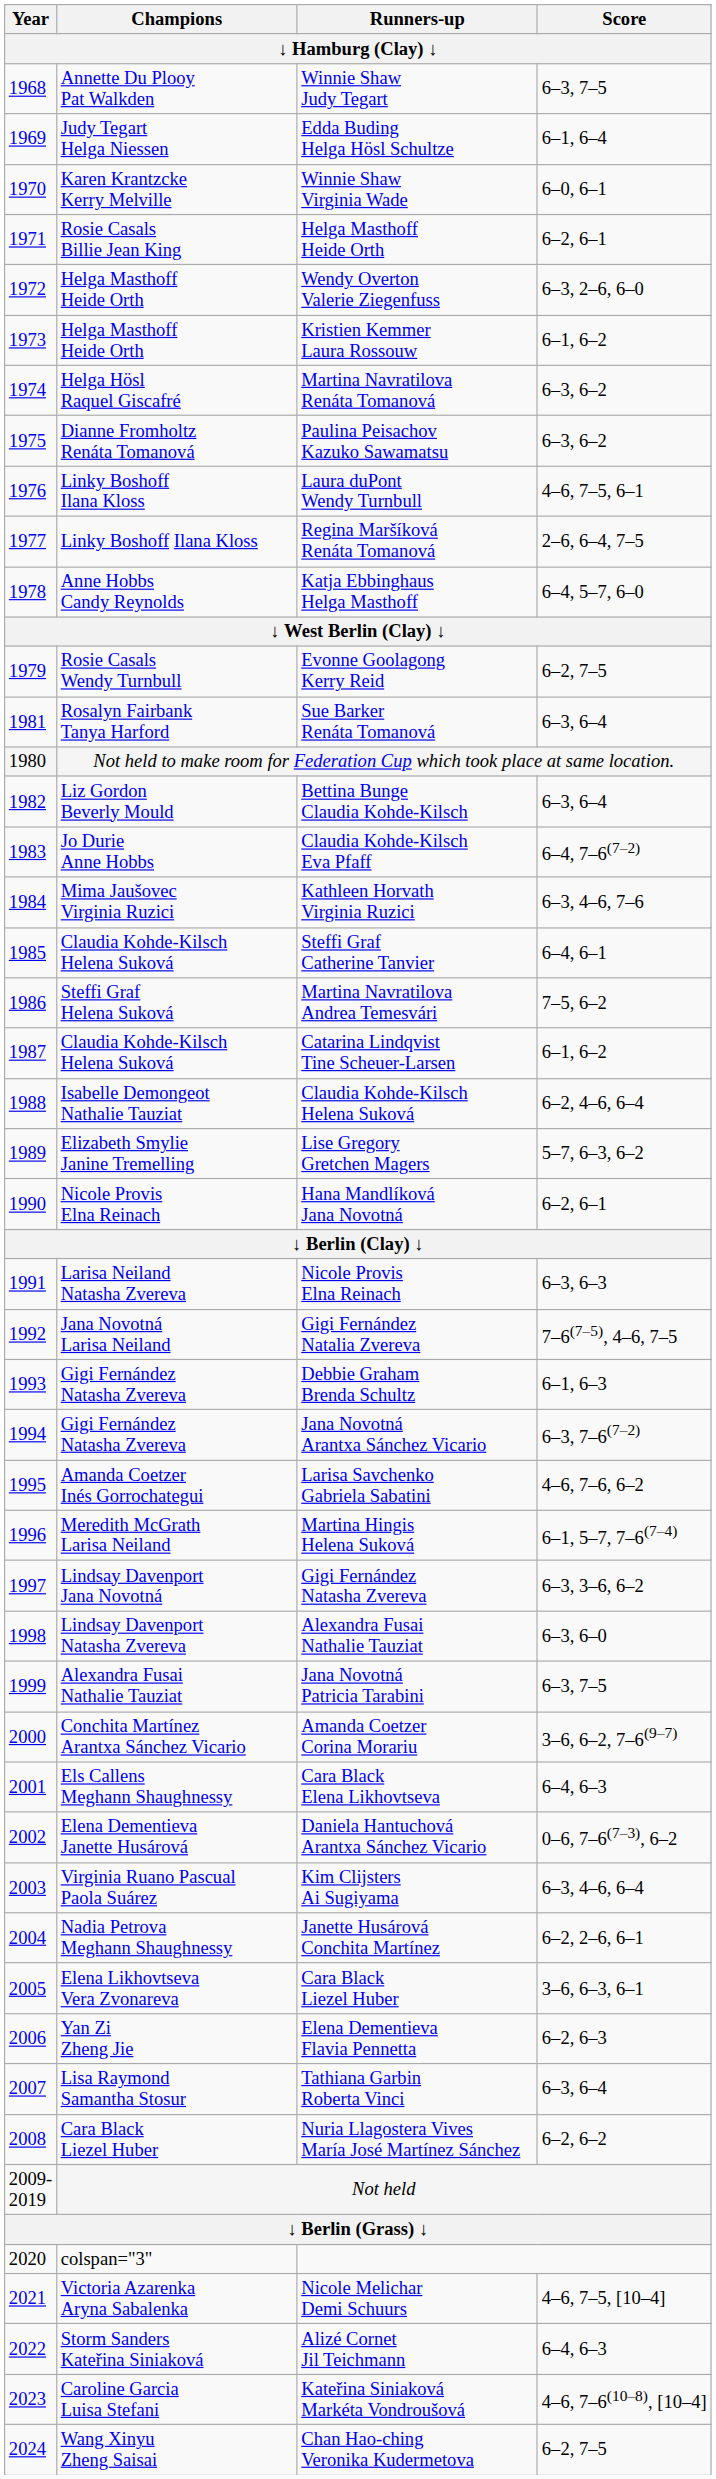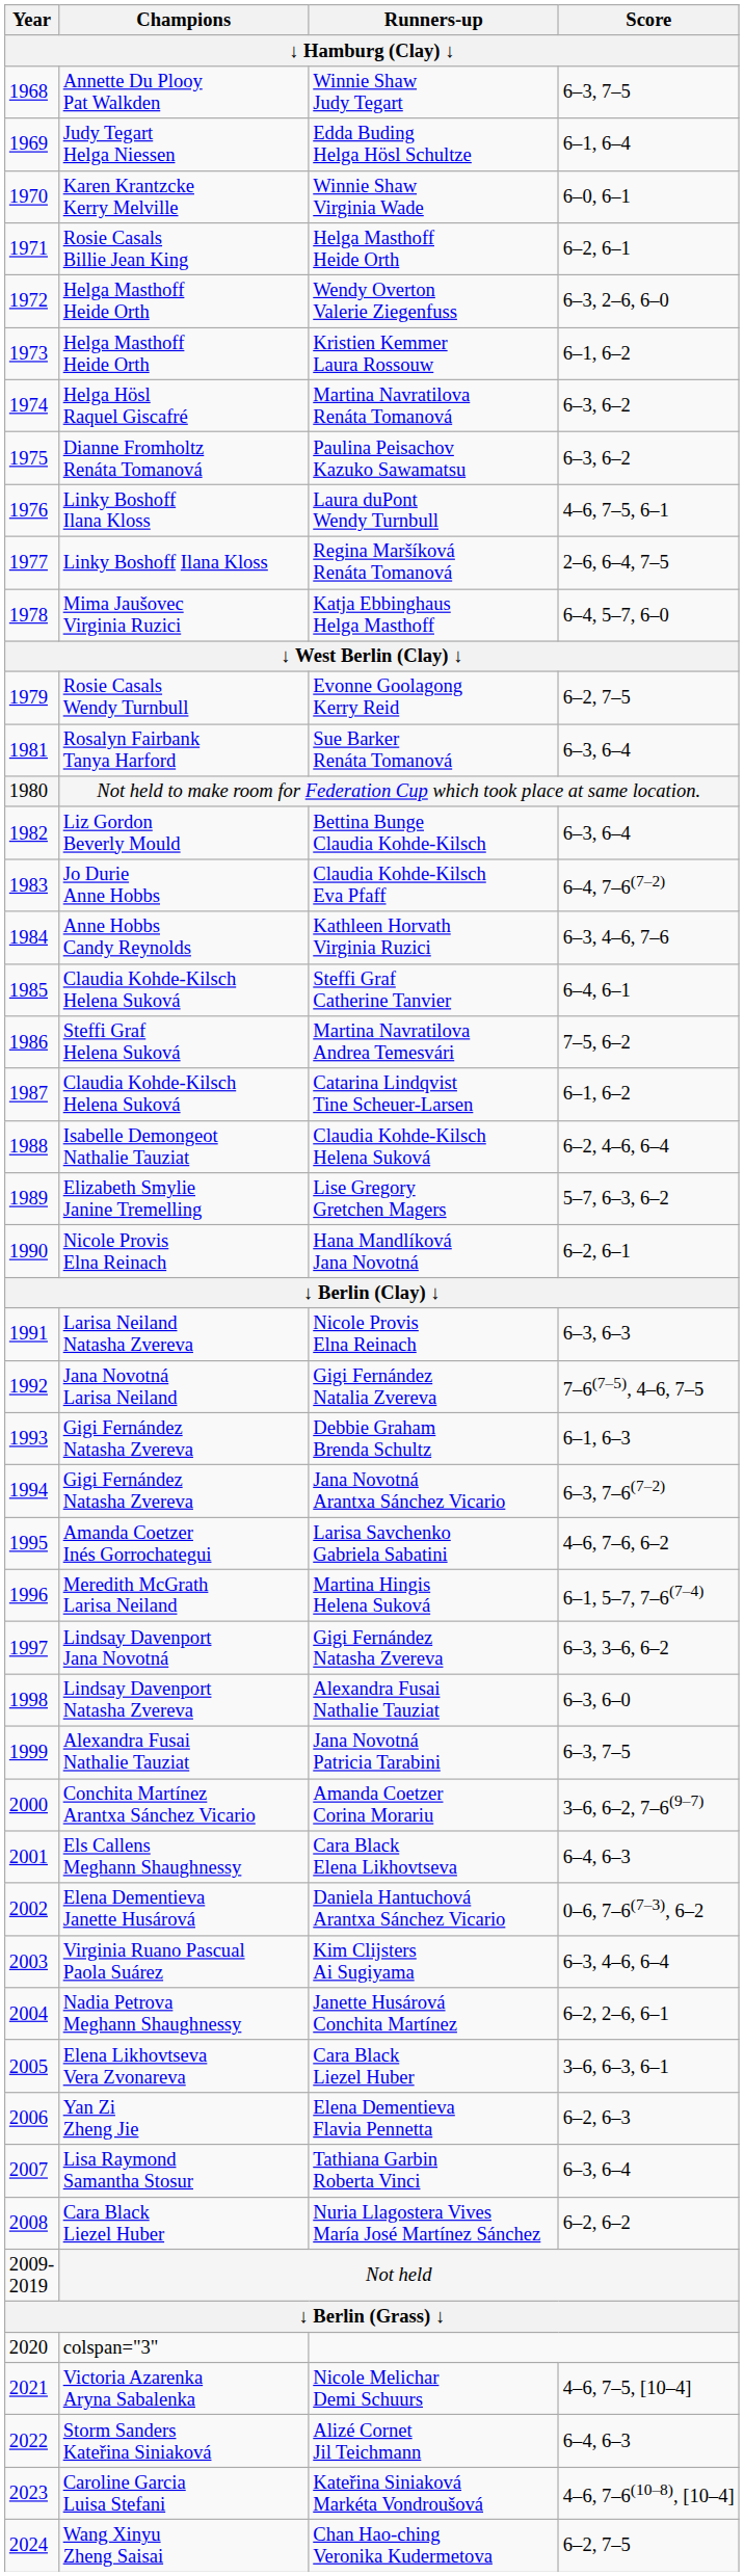 <table class="wikitable sortable nowrap">
 <tr>
 <th>Year</th>
 <th width=200>Champions</th>
 <th width=200>Runners-up</th>
 <th class="unsortable">Score</th>
 </tr>
 <tr>
 <th colspan="4">↓ Hamburg (Clay) ↓</th>
 </tr>
 <tr>
 <td><a href='#'>1968</a></td>
 <td> <a href='#'>Annette Du Plooy</a><br>  <a href='#'>Pat Walkden</a></td>
 <td> <a href='#'>Winnie Shaw</a> <br>  <a href='#'>Judy Tegart</a></td>
 <td>6–3, 7–5</td>
 </tr>
 <tr>
 <td><a href='#'>1969</a></td>
 <td> <a href='#'>Judy Tegart</a> <br>  <a href='#'>Helga Niessen</a></td>
 <td> <a href='#'>Edda Buding</a> <br>  <a href='#'>Helga Hösl Schultze</a></td>
 <td>6–1, 6–4</td>
 </tr>
 <tr>
 <td><a href='#'>1970</a></td>
 <td> <a href='#'>Karen Krantzcke</a> <br>  <a href='#'>Kerry Melville</a></td>
 <td> <a href='#'>Winnie Shaw</a> <br>  <a href='#'>Virginia Wade</a></td>
 <td>6–0, 6–1</td>
 </tr>
 <tr>
 <td><a href='#'>1971</a></td>
 <td> <a href='#'>Rosie Casals</a> <br>  <a href='#'>Billie Jean King</a></td>
 <td> <a href='#'>Helga Masthoff</a> <br>  <a href='#'>Heide Orth</a></td>
 <td>6–2, 6–1</td>
 </tr>
 <tr>
 <td><a href='#'>1972</a></td>
 <td> <a href='#'>Helga Masthoff</a> <br>  <a href='#'>Heide Orth</a></td>
 <td> <a href='#'>Wendy Overton</a> <br>  <a href='#'>Valerie Ziegenfuss</a></td>
 <td>6–3, 2–6, 6–0</td>
 </tr>
 <tr>
 <td><a href='#'>1973</a></td>
 <td> <a href='#'>Helga Masthoff</a> <br>  <a href='#'>Heide Orth</a> </td>
 <td> <a href='#'>Kristien Kemmer</a> <br>  <a href='#'>Laura Rossouw</a></td>
 <td>6–1, 6–2</td>
 </tr>
 <tr>
 <td><a href='#'>1974</a></td>
 <td> <a href='#'>Helga Hösl</a> <br>  <a href='#'>Raquel Giscafré</a></td>
 <td> <a href='#'>Martina Navratilova</a> <br>  <a href='#'>Renáta Tomanová</a></td>
 <td>6–3, 6–2</td>
 </tr>
 <tr>
 <td><a href='#'>1975</a></td>
 <td> <a href='#'>Dianne Fromholtz</a> <br>  <a href='#'>Renáta Tomanová</a></td>
 <td> <a href='#'>Paulina Peisachov</a> <br>  <a href='#'>Kazuko Sawamatsu</a></td>
 <td>6–3, 6–2</td>
 </tr>
 <tr>
 <td><a href='#'>1976</a></td>
 <td> <a href='#'>Linky Boshoff</a> <br>  <a href='#'>Ilana Kloss</a></td>
 <td> <a href='#'>Laura duPont</a> <br>  <a href='#'>Wendy Turnbull</a></td>
 <td>4–6, 7–5, 6–1</td>
 </tr>
 <tr>
 <td><a href='#'>1977</a></td>
 <td> <a href='#'>Linky Boshoff</a>   <a href='#'>Ilana Kloss</a> </td>
 <td> <a href='#'>Regina Maršíková</a> <br>  <a href='#'>Renáta Tomanová</a></td>
 <td>2–6, 6–4, 7–5</td>
 </tr>
 <tr>
 <td><a href='#'>1978</a></td>
-<td> <a href='#'>Anne Hobbs</a> <br>  <a href='#'>Candy Reynolds</a></td>
+<td> <a href='#'>Mima Jaušovec</a> <br>  <a href='#'>Virginia Ruzici</a></td>
 <td> <a href='#'>Katja Ebbinghaus</a> <br>  <a href='#'>Helga Masthoff</a></td>
 <td>6–4, 5–7, 6–0</td>
 </tr>
 <tr>
 <th colspan="4">↓ West Berlin (Clay) ↓</th>
 </tr>
 <tr>
 <td><a href='#'>1979</a></td>
 <td> <a href='#'>Rosie Casals</a> <br>  <a href='#'>Wendy Turnbull</a></td>
 <td> <a href='#'>Evonne Goolagong</a> <br>  <a href='#'>Kerry Reid</a></td>
 <td>6–2, 7–5</td>
 </tr>
 <tr>
 <td><a href='#'>1981</a></td>
 <td> <a href='#'>Rosalyn Fairbank</a> <br>  <a href='#'>Tanya Harford</a></td>
 <td> <a href='#'>Sue Barker</a> <br>  <a href='#'>Renáta Tomanová</a></td>
 <td>6–3, 6–4</td>
 </tr>
 <tr style="background:#f5f5f5">
 <td>1980</td>
 <td colspan="3" align=center><em>Not held to make room for <a href='#'>Federation Cup</a> which took place at same location.</em></td>
 </tr>
 <tr>
 <td><a href='#'>1982</a></td>
 <td> <a href='#'>Liz Gordon</a> <br>  <a href='#'>Beverly Mould</a></td>
 <td> <a href='#'>Bettina Bunge</a> <br>  <a href='#'>Claudia Kohde-Kilsch</a></td>
 <td>6–3, 6–4</td>
 </tr>
 <tr>
 <td><a href='#'>1983</a></td>
 <td> <a href='#'>Jo Durie</a> <br>  <a href='#'>Anne Hobbs</a></td>
 <td> <a href='#'>Claudia Kohde-Kilsch</a> <br>  <a href='#'>Eva Pfaff</a></td>
 <td>6–4, 7–6<sup>(7–2)</sup></td>
 </tr>
 <tr>
 <td><a href='#'>1984</a></td>
-<td> <a href='#'>Mima Jaušovec</a> <br>  <a href='#'>Virginia Ruzici</a></td>
+<td> <a href='#'>Anne Hobbs</a> <br>  <a href='#'>Candy Reynolds</a></td>
 <td> <a href='#'>Kathleen Horvath</a> <br>  <a href='#'>Virginia Ruzici</a></td>
 <td>6–3, 4–6, 7–6</td>
 </tr>
 <tr>
 <td><a href='#'>1985</a></td>
 <td> <a href='#'>Claudia Kohde-Kilsch</a> <br>  <a href='#'>Helena Suková</a></td>
 <td> <a href='#'>Steffi Graf</a> <br>  <a href='#'>Catherine Tanvier</a></td>
 <td>6–4, 6–1</td>
 </tr>
 <tr>
 <td><a href='#'>1986</a></td>
 <td> <a href='#'>Steffi Graf</a><br>  <a href='#'>Helena Suková</a> </td>
 <td> <a href='#'>Martina Navratilova</a> <br>  <a href='#'>Andrea Temesvári</a></td>
 <td>7–5, 6–2</td>
 </tr>
 <tr>
 <td><a href='#'>1987</a></td>
 <td> <a href='#'>Claudia Kohde-Kilsch</a> <br>  <a href='#'>Helena Suková</a> </td>
 <td> <a href='#'>Catarina Lindqvist</a> <br>  <a href='#'>Tine Scheuer-Larsen</a></td>
 <td>6–1, 6–2</td>
 </tr>
 <tr>
 <td><a href='#'>1988</a></td>
 <td> <a href='#'>Isabelle Demongeot</a> <br>  <a href='#'>Nathalie Tauziat</a></td>
 <td> <a href='#'>Claudia Kohde-Kilsch</a> <br>  <a href='#'>Helena Suková</a></td>
 <td>6–2, 4–6, 6–4</td>
 </tr>
 <tr>
 <td><a href='#'>1989</a></td>
 <td> <a href='#'>Elizabeth Smylie</a> <br>  <a href='#'>Janine Tremelling</a></td>
 <td> <a href='#'>Lise Gregory</a> <br>  <a href='#'>Gretchen Magers</a></td>
 <td>5–7, 6–3, 6–2</td>
 </tr>
 <tr>
 <td><a href='#'>1990</a></td>
 <td> <a href='#'>Nicole Provis</a> <br>  <a href='#'>Elna Reinach</a></td>
 <td> <a href='#'>Hana Mandlíková</a> <br>  <a href='#'>Jana Novotná</a></td>
 <td>6–2, 6–1</td>
 </tr>
 <tr>
 <th colspan=4>↓ Berlin (Clay) ↓</th>
 </tr>
 <tr>
 <td><a href='#'>1991</a></td>
 <td> <a href='#'>Larisa Neiland</a> <br>  <a href='#'>Natasha Zvereva</a></td>
 <td> <a href='#'>Nicole Provis</a> <br>  <a href='#'>Elna Reinach</a></td>
 <td>6–3, 6–3</td>
 </tr>
 <tr>
 <td><a href='#'>1992</a></td>
 <td> <a href='#'>Jana Novotná</a> <br>  <a href='#'>Larisa Neiland</a> </td>
 <td> <a href='#'>Gigi Fernández</a> <br>  <a href='#'>Natalia Zvereva</a></td>
 <td>7–6<sup>(7–5)</sup>, 4–6, 7–5</td>
 </tr>
 <tr>
 <td><a href='#'>1993</a></td>
 <td> <a href='#'>Gigi Fernández</a> <br>  <a href='#'>Natasha Zvereva</a> </td>
 <td> <a href='#'>Debbie Graham</a> <br>  <a href='#'>Brenda Schultz</a></td>
 <td>6–1, 6–3</td>
 </tr>
 <tr>
 <td><a href='#'>1994</a></td>
 <td> <a href='#'>Gigi Fernández</a> <br>  <a href='#'>Natasha Zvereva</a> </td>
 <td> <a href='#'>Jana Novotná</a> <br>  <a href='#'>Arantxa Sánchez Vicario</a></td>
 <td>6–3, 7–6<sup>(7–2)</sup></td>
 </tr>
 <tr>
 <td><a href='#'>1995</a></td>
 <td> <a href='#'>Amanda Coetzer</a> <br>  <a href='#'>Inés Gorrochategui</a></td>
 <td> <a href='#'>Larisa Savchenko</a> <br>  <a href='#'>Gabriela Sabatini</a></td>
 <td>4–6, 7–6, 6–2</td>
 </tr>
 <tr>
 <td><a href='#'>1996</a></td>
 <td> <a href='#'>Meredith McGrath</a> <br>  <a href='#'>Larisa Neiland</a> </td>
 <td> <a href='#'>Martina Hingis</a> <br>  <a href='#'>Helena Suková</a></td>
 <td>6–1, 5–7, 7–6<sup>(7–4)</sup></td>
 </tr>
 <tr>
 <td><a href='#'>1997</a></td>
 <td> <a href='#'>Lindsay Davenport</a> <br>  <a href='#'>Jana Novotná</a> </td>
 <td> <a href='#'>Gigi Fernández</a> <br>  <a href='#'>Natasha Zvereva</a></td>
 <td>6–3, 3–6, 6–2</td>
 </tr>
 <tr>
 <td><a href='#'>1998</a></td>
 <td> <a href='#'>Lindsay Davenport</a> <br>  <a href='#'>Natasha Zvereva</a> </td>
 <td> <a href='#'>Alexandra Fusai</a> <br>  <a href='#'>Nathalie Tauziat</a></td>
 <td>6–3, 6–0</td>
 </tr>
 <tr>
 <td><a href='#'>1999</a></td>
 <td> <a href='#'>Alexandra Fusai</a> <br>  <a href='#'>Nathalie Tauziat</a> </td>
 <td> <a href='#'>Jana Novotná</a> <br>  <a href='#'>Patricia Tarabini</a></td>
 <td>6–3, 7–5</td>
 </tr>
 <tr>
 <td><a href='#'>2000</a></td>
 <td> <a href='#'>Conchita Martínez</a> <br>  <a href='#'>Arantxa Sánchez Vicario</a></td>
 <td> <a href='#'>Amanda Coetzer</a> <br>  <a href='#'>Corina Morariu</a></td>
 <td>3–6, 6–2, 7–6<sup>(9–7)</sup></td>
 </tr>
 <tr>
 <td><a href='#'>2001</a></td>
 <td> <a href='#'>Els Callens</a> <br>  <a href='#'>Meghann Shaughnessy</a></td>
 <td> <a href='#'>Cara Black</a><br>  <a href='#'>Elena Likhovtseva</a></td>
 <td>6–4, 6–3</td>
 </tr>
 <tr>
 <td><a href='#'>2002</a></td>
 <td> <a href='#'>Elena Dementieva</a> <br>  <a href='#'>Janette Husárová</a></td>
 <td> <a href='#'>Daniela Hantuchová</a><br>  <a href='#'>Arantxa Sánchez Vicario</a></td>
 <td>0–6, 7–6<sup>(7–3)</sup>, 6–2</td>
 </tr>
 <tr>
 <td><a href='#'>2003</a></td>
 <td> <a href='#'>Virginia Ruano Pascual</a> <br>  <a href='#'>Paola Suárez</a></td>
 <td> <a href='#'>Kim Clijsters</a><br>  <a href='#'>Ai Sugiyama</a></td>
 <td>6–3, 4–6, 6–4</td>
 </tr>
 <tr>
 <td><a href='#'>2004</a></td>
 <td> <a href='#'>Nadia Petrova</a> <br>  <a href='#'>Meghann Shaughnessy</a> </td>
 <td> <a href='#'>Janette Husárová</a><br>  <a href='#'>Conchita Martínez</a></td>
 <td>6–2, 2–6, 6–1</td>
 </tr>
 <tr>
 <td><a href='#'>2005</a></td>
 <td> <a href='#'>Elena Likhovtseva</a> <br>  <a href='#'>Vera Zvonareva</a></td>
 <td> <a href='#'>Cara Black</a><br>  <a href='#'>Liezel Huber</a></td>
 <td>3–6, 6–3, 6–1</td>
 </tr>
 <tr>
 <td><a href='#'>2006</a></td>
 <td> <a href='#'>Yan Zi</a> <br>  <a href='#'>Zheng Jie</a></td>
 <td> <a href='#'>Elena Dementieva</a><br>  <a href='#'>Flavia Pennetta</a></td>
 <td>6–2, 6–3</td>
 </tr>
 <tr>
 <td><a href='#'>2007</a></td>
 <td> <a href='#'>Lisa Raymond</a> <br>  <a href='#'>Samantha Stosur</a></td>
 <td> <a href='#'>Tathiana Garbin</a><br>  <a href='#'>Roberta Vinci</a></td>
 <td>6–3, 6–4</td>
 </tr>
 <tr>
 <td><a href='#'>2008</a></td>
 <td> <a href='#'>Cara Black</a> <br>  <a href='#'>Liezel Huber</a></td>
 <td> <a href='#'>Nuria Llagostera Vives</a><br>  <a href='#'>María José Martínez Sánchez</a></td>
 <td>6–2, 6–2</td>
 </tr>
 <tr>
 <td>2009- <br>2019</td>
 <td colspan="3" align=center style="background:#f5f5f5"><em>Not held</em></td>
 </tr>
 <tr>
 <th colspan="4">↓ Berlin (Grass) ↓</th>
 </tr>
 <tr>
 <td>2020</td>
 <td>colspan="3" </td>
 </tr>
 <tr>
 <td><a href='#'>2021</a></td>
 <td> <a href='#'>Victoria Azarenka</a> <br>  <a href='#'>Aryna Sabalenka</a></td>
 <td> <a href='#'>Nicole Melichar</a> <br>  <a href='#'>Demi Schuurs</a></td>
 <td>4–6, 7–5, [10–4]</td>
 </tr>
 <tr>
 <td><a href='#'>2022</a></td>
 <td> <a href='#'>Storm Sanders</a> <br>  <a href='#'>Kateřina Siniaková</a></td>
 <td> <a href='#'>Alizé Cornet</a> <br>  <a href='#'>Jil Teichmann</a></td>
 <td>6–4, 6–3</td>
 </tr>
 <tr>
 <td><a href='#'>2023</a></td>
 <td> <a href='#'>Caroline Garcia</a> <br>  <a href='#'>Luisa Stefani</a></td>
 <td> <a href='#'>Kateřina Siniaková</a> <br>  <a href='#'>Markéta Vondroušová</a></td>
 <td>4–6, 7–6<sup>(10–8)</sup>, [10–4]</td>
 </tr>
 <tr>
 <td><a href='#'>2024</a></td>
 <td> <a href='#'>Wang Xinyu</a> <br>  <a href='#'>Zheng Saisai</a></td>
 <td> <a href='#'>Chan Hao-ching</a> <br>  <a href='#'>Veronika Kudermetova</a></td>
 <td>6–2, 7–5</td>
 </tr>
 </table>
